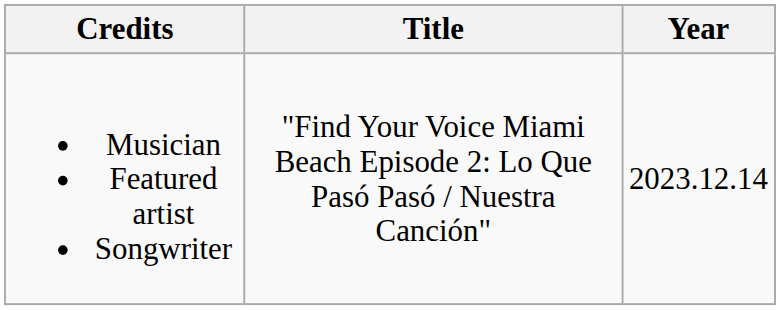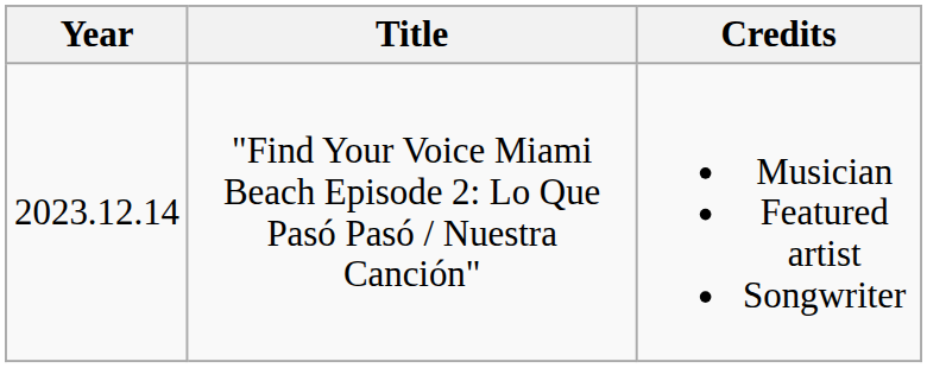 <table class="wikitable unsortable" style="text-align: center; width: 400px; height: 100px;">
 <tr>
+<th>Year</th>
+<th>Title</th>
 <th>Credits</th>
-<th>Title</th>
-<th>Year</th>
 </tr>
 <tr>
+<td>2023.12.14</td>
+<td>"Find Your Voice Miami Beach Episode 2: Lo Que Pasó Pasó / Nuestra Canción"</td>
 <td><br><ul><li>Musician</li><li>Featured artist</li><li>Songwriter</li></ul></td>
-<td>"Find Your Voice Miami Beach Episode 2: Lo Que Pasó Pasó / Nuestra Canción"</td>
-<td>2023.12.14</td>
 </tr>
 </table>
